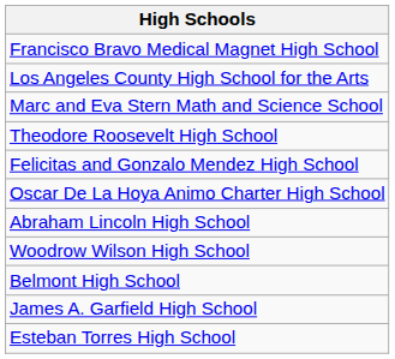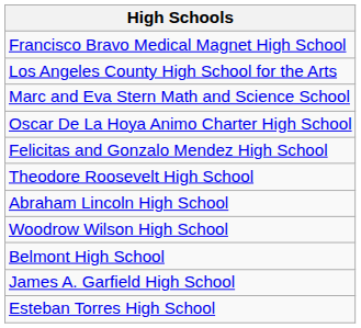 <table class="wikitable">
 <tr>
 <th>High Schools</th>
 </tr>
 <tr Reporting Api>
 <td><a href='#'>Francisco Bravo Medical Magnet High School</a></td>
 </tr>
 <tr>
 <td><a href='#'>Los Angeles County High School for the Arts</a></td>
 </tr>
 <tr>
 <td><a href='#'>Marc and Eva Stern Math and Science School</a></td>
 </tr>
 <tr>
-<td><a href='#'>Theodore Roosevelt High School</a></td>
+<td><a href='#'>Oscar De La Hoya Animo Charter High School</a></td>
 </tr>
 <tr>
 <td><a href='#'>Felicitas and Gonzalo Mendez High School</a></td>
 </tr>
 <tr>
-<td><a href='#'>Oscar De La Hoya Animo Charter High School</a></td>
+<td><a href='#'>Theodore Roosevelt High School</a></td>
 </tr>
 <tr>
 <td><a href='#'>Abraham Lincoln High School</a></td>
 </tr>
 <tr>
 <td><a href='#'>Woodrow Wilson High School</a></td>
 </tr>
 <tr>
 <td><a href='#'>Belmont High School</a></td>
 </tr>
 <tr>
 <td><a href='#'>James A. Garfield High School</a></td>
 </tr>
 <tr>
 <td><a href='#'>Esteban Torres High School</a></td>
 </tr>
 </table>
